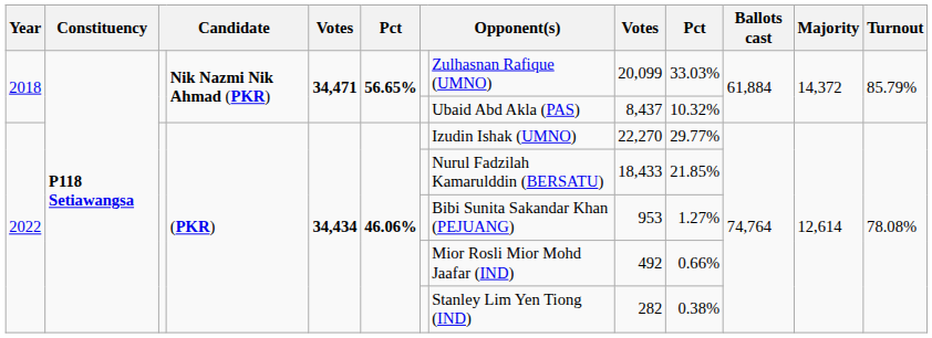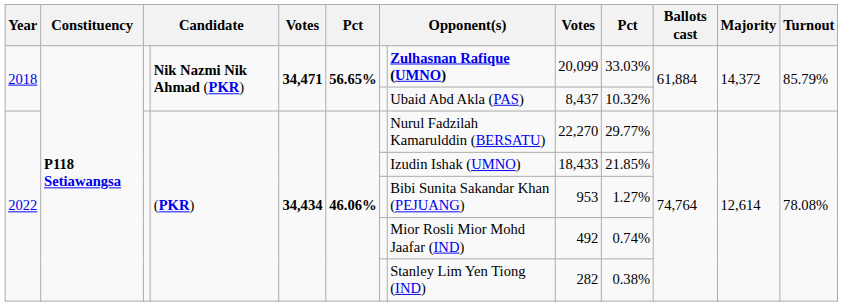 <table class="wikitable" style="margin:0.5em ; font-size:95%">
 <tr>
 <th>Year</th>
 <th>Constituency</th>
 <th colspan=2>Candidate</th>
 <th>Votes</th>
 <th>Pct</th>
 <th colspan=2>Opponent(s)</th>
 <th>Votes</th>
 <th>Pct</th>
 <th>Ballots cast</th>
 <th>Majority</th>
 <th>Turnout</th>
 </tr>
 <tr>
 <td rowspan=2><a href='#'>2018</a></td>
 <td rowspan=7><strong>P118 <a href='#'>Setiawangsa</a></strong></td>
 <td rowspan=2 ></td>
 <td rowspan=2><strong>Nik Nazmi Nik Ahmad</strong> (<a href='#'><strong>PKR</strong></a>)</td>
 <td rowspan=2 align="right"><strong>34,471</strong></td>
 <td rowspan=2><strong>56.65%</strong></td>
 <td></td>
-<td><a href='#'>Zulhasnan Rafique</a> (<a href='#'>UMNO</a>)</td>
+<td><strong><a href='#'>Zulhasnan Rafique</a> (<a href='#'>UMNO</a>)</strong></td>
 <td align="right">20,099</td>
 <td>33.03%</td>
 <td rowspan=2>61,884</td>
 <td rowspan=2>14,372</td>
 <td rowspan=2>85.79%</td>
 </tr>
 <tr>
 <td></td>
 <td>Ubaid Abd Akla (<a href='#'>PAS</a>)</td>
 <td align="right">8,437</td>
 <td>10.32%</td>
 </tr>
 <tr>
 <td rowspan=5><a href='#'>2022</a></td>
 <td rowspan=5 ></td>
 <td rowspan=5> (<a href='#'><strong>PKR</strong></a>)</td>
 <td rowspan=5 align="right"><strong>34,434</strong></td>
 <td rowspan=5><strong>46.06%</strong></td>
 <td bgcolor=></td>
-<td>Izudin Ishak (<a href='#'>UMNO</a>)</td>
+<td>Nurul Fadzilah Kamarulddin (<a href='#'>BERSATU</a>)</td>
 <td align="right">22,270</td>
 <td>29.77%</td>
 <td rowspan=5>74,764</td>
 <td rowspan=5>12,614</td>
 <td rowspan=5>78.08%</td>
 </tr>
 <tr>
 <td></td>
-<td>Nurul Fadzilah Kamarulddin (<a href='#'>BERSATU</a>)</td>
+<td>Izudin Ishak (<a href='#'>UMNO</a>)</td>
 <td align="right">18,433</td>
 <td>21.85%</td>
 </tr>
 <tr>
 <td bgcolor=></td>
 <td>Bibi Sunita Sakandar Khan  (<a href='#'>PEJUANG</a>)</td>
 <td align="right">953</td>
 <td align=right>1.27%</td>
 </tr>
 <tr>
 <td></td>
 <td>Mior Rosli Mior Mohd Jaafar (<a href='#'>IND</a>)</td>
 <td align="right">492</td>
-<td align=right>0.66%</td>
+<td align=right>0.74%</td>
 </tr>
 <tr>
 <td></td>
 <td>Stanley Lim Yen Tiong (<a href='#'>IND</a>)</td>
 <td align="right">282</td>
 <td align=right>0.38%</td>
 </tr>
 </table>
